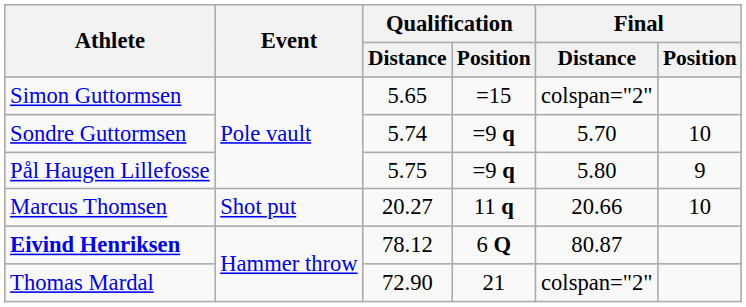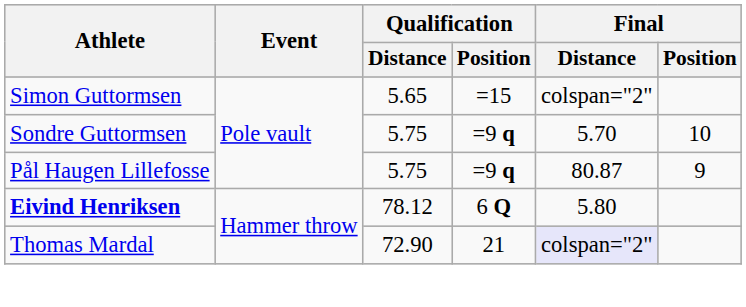 <table class="wikitable" style="font-size:90%">
 <tr>
 <th rowspan="2">Athlete</th>
 <th rowspan="2">Event</th>
 <th colspan="2">Qualification</th>
 <th colspan="2">Final</th>
 </tr>
 <tr style="font-size:95%">
 <th>Distance</th>
 <th>Position</th>
 <th>Distance</th>
 <th>Position</th>
 </tr>
 <tr align="center">
 <td align="left"><a href='#'>Simon Guttormsen</a></td>
 <td rowspan="3" align="left"><a href='#'>Pole vault</a></td>
 <td>5.65</td>
 <td>=15</td>
 <td>colspan="2" </td>
 </tr>
 <tr align="center">
 <td align="left"><a href='#'>Sondre Guttormsen</a></td>
-<td>5.74</td>
+<td>5.75</td>
 <td>=9 <strong>q</strong></td>
 <td>5.70</td>
 <td>10</td>
 </tr>
 <tr align="center">
 <td align="left"><a href='#'>Pål Haugen Lillefosse</a></td>
 <td>5.75</td>
 <td>=9 <strong>q</strong></td>
-<td>5.80</td>
+<td>80.87 </td>
 <td>9</td>
-</tr>
-<tr align="center">
-<td align="left"><a href='#'>Marcus Thomsen</a></td>
-<td align="left"><a href='#'>Shot put</a></td>
-<td>20.27</td>
-<td>11 <strong>q</strong></td>
-<td>20.66</td>
-<td>10</td>
 </tr>
 <tr align="center">
 <td align="left"><strong><a href='#'>Eivind Henriksen</a></strong></td>
 <td rowspan="2" align="left"><a href='#'>Hammer throw</a></td>
 <td>78.12</td>
 <td>6 <strong>Q</strong></td>
-<td>80.87 </td>
+<td>5.80</td>
 <td></td>
 </tr>
 <tr align="center">
 <td align="left"><a href='#'>Thomas Mardal</a></td>
 <td>72.90</td>
 <td>21</td>
-<td>colspan="2" </td>
+<td style="background: lavender;">colspan="2" </td>
 </tr>
 </table>
